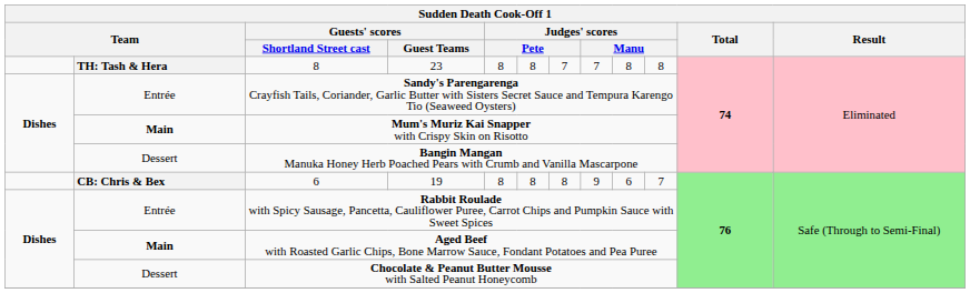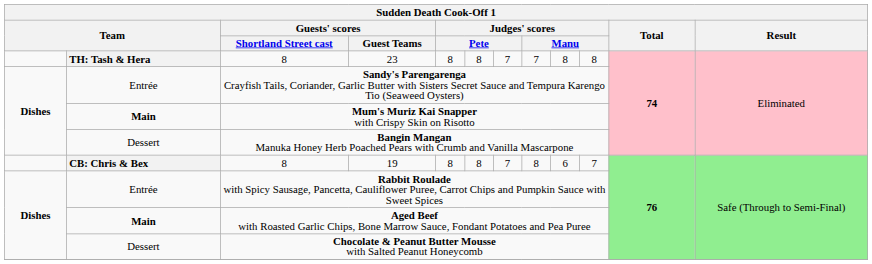 <table class="wikitable" style="text-align: center; font-size: 90%; line-height:14px; width:80em;">
 <tr>
 <th colspan="12" >Sudden Death Cook-Off 1</th>
 </tr>
 <tr>
 <th rowspan="2" style="width:25%;" colspan="2">Team</th>
 <th colspan="2" style="width:25%;">Guests' scores</th>
 <th colspan="6" style="with:50%;">Judges' scores</th>
 <th rowspan="2" style="width:10%;">Total<br></th>
 <th rowspan="2" style="width:20%;">Result</th>
 </tr>
 <tr>
 <th style="width:40px;"><a href='#'>Shortland Street cast</a></th>
 <th style="width:40px;">Guest Teams</th>
 <th colspan="3" style="width:40px;"><a href='#'>Pete</a></th>
 <th colspan="3" style="width:40px;"><a href='#'>Manu</a></th>
 </tr>
 <tr>
 <td></td>
 <th scope="row" style="text-align:left;"><strong>TH: Tash & Hera</strong></th>
 <td>8</td>
 <td>23</td>
 <td>8</td>
 <td>8</td>
 <td>7</td>
 <td>7</td>
 <td>8</td>
 <td>8</td>
 <td rowspan="4" bgcolor="pink"><strong>74</strong></td>
 <td rowspan="4" bgcolor="pink">Eliminated </td>
 </tr>
 <tr>
 <td rowspan="3"><strong>Dishes</strong></td>
 <td>Entrée</td>
 <td colspan="8"><strong>Sandy's Parengarenga</strong><br>Crayfish Tails, Coriander, Garlic Butter with Sisters Secret Sauce and Tempura Karengo Tio (Seaweed Oysters)</td>
 </tr>
 <tr>
 <td><strong>Main</strong></td>
 <td colspan="8"><strong>Mum's Muriz Kai Snapper</strong><br>with Crispy Skin on Risotto</td>
 </tr>
 <tr>
 <td>Dessert</td>
 <td colspan="8"><strong>Bangin Mangan</strong><br>Manuka Honey Herb Poached Pears with Crumb and Vanilla Mascarpone</td>
 </tr>
 <tr>
 <td></td>
 <th scope="row" style="text-align:left;"><strong>CB: Chris & Bex</strong></th>
-<td>6</td>
+<td>8</td>
 <td>19</td>
 <td>8</td>
 <td>8</td>
+<td>7</td>
 <td>8</td>
-<td>9</td>
 <td>6</td>
 <td>7</td>
 <td rowspan="4" bgcolor="lightgreen"><strong>76</strong></td>
 <td rowspan="4" bgcolor="lightgreen">Safe (Through to Semi-Final)</td>
 </tr>
 <tr>
 <td rowspan="3"><strong>Dishes</strong></td>
 <td>Entrée</td>
 <td colspan="8"><strong>Rabbit Roulade</strong><br>with Spicy Sausage, Pancetta, Cauliflower Puree, Carrot Chips and Pumpkin Sauce with Sweet Spices</td>
 </tr>
 <tr>
 <td><strong>Main</strong></td>
 <td colspan="8"><strong>Aged Beef</strong> <br> with Roasted Garlic Chips, Bone Marrow Sauce, Fondant Potatoes and Pea Puree</td>
 </tr>
 <tr>
 <td>Dessert</td>
 <td colspan="8"><strong>Chocolate & Peanut Butter Mousse</strong><br>with Salted Peanut Honeycomb</td>
 </tr>
 <tr>
 </tr>
 </table>
